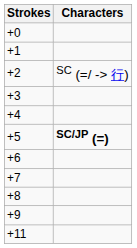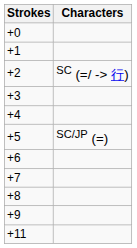 <table class="wikitable">
 <tr>
 <th>Strokes</th>
 <th>Characters</th>
 </tr>
 <tr --->
 <td>+0</td>
 <td style="font-size: large;"></td>
 </tr>
 <tr --->
 <td>+1</td>
 <td style="font-size: large;"></td>
 </tr>
 <tr --->
 <td>+2</td>
 <td style="font-size: large;"><sup>SC</sup> (=/ -> <a href='#'>行</a>) </td>
 </tr>
 <tr --->
 <td>+3</td>
 <td style="font-size: large;">  </td>
 </tr>
 <tr --->
 <td>+4</td>
 <td style="font-size: large;"> </td>
 </tr>
 <tr --->
 <td>+5</td>
-<td style="font-size: large;"><strong>  <sup>SC/JP</sup> (=) </strong></td>
+<td style="font-size: large;">  <sup>SC/JP</sup> (=) </td>
 </tr>
 <tr --->
 <td>+6</td>
 <td style="font-size: large;">   </td>
 </tr>
 <tr --->
 <td>+7</td>
 <td style="font-size: large;">   </td>
 </tr>
 <tr --->
 <td>+8</td>
 <td style="font-size: large;"></td>
 </tr>
 <tr --->
 <td>+9</td>
 <td style="font-size: large;"></td>
 </tr>
 <tr --->
 <td>+11</td>
 <td style="font-size: large;"> </td>
 </tr>
 </table>
